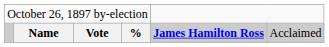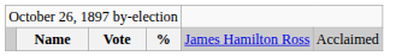 <table class="wikitable">
 <tr>
 <td colspan=4 align=center>October 26, 1897 by-election</td>
 </tr>
 <tr bgcolor="CCCCCC">
 <td></td>
 <th>Name</th>
 <th>Vote</th>
 <th>%<br></th>
-<td><strong><a href='#'>James Hamilton Ross</a></strong></td>
+<td><a href='#'>James Hamilton Ross</a></td>
 <td colspan="2" align=center>Acclaimed</td>
 </tr>
 </table>
